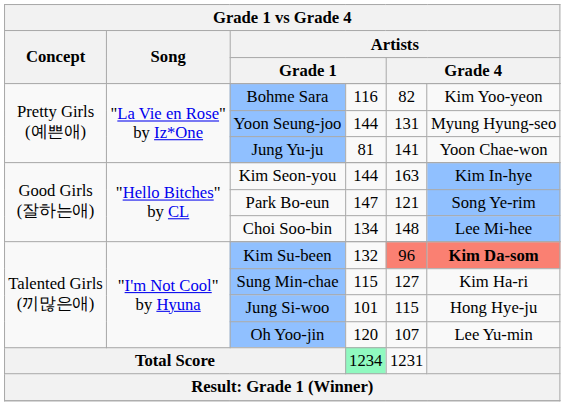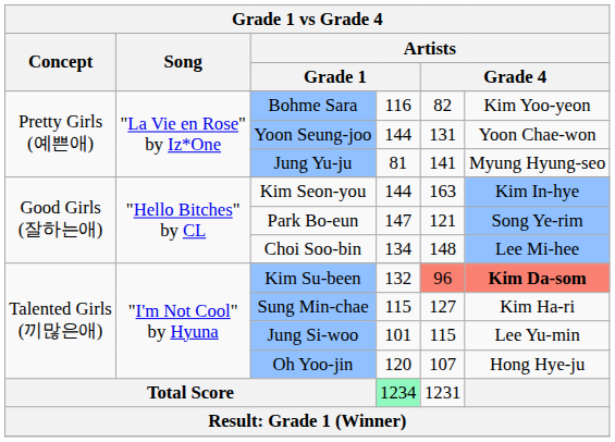 <table class="wikitable" style="text-align: center">
 <tr>
 <th colspan="6">Grade 1 vs Grade 4</th>
 </tr>
 <tr>
 <th rowspan="2">Concept</th>
 <th rowspan="2">Song</th>
 <th colspan="4">Artists</th>
 </tr>
 <tr>
 <th colspan="2">Grade 1</th>
 <th colspan="2">Grade 4</th>
 </tr>
 <tr>
 <td rowspan="4">Pretty Girls<br>(예쁜애)</td>
 <td rowspan="4">"<a href='#'>La Vie en Rose</a>"<br>by <a href='#'>Iz*One</a></td>
 </tr>
 <tr>
 <td style="background:#90C0FF">Bohme Sara</td>
 <td>116</td>
 <td>82</td>
 <td>Kim Yoo-yeon</td>
 </tr>
 <tr>
 <td style="background:#90C0FF">Yoon Seung-joo</td>
 <td>144</td>
 <td>131</td>
-<td>Myung Hyung-seo</td>
+<td>Yoon Chae-won</td>
 </tr>
 <tr>
 <td style="background:#90C0FF">Jung Yu-ju</td>
 <td>81</td>
 <td>141</td>
-<td>Yoon Chae-won</td>
+<td>Myung Hyung-seo</td>
 </tr>
 <tr>
 <td rowspan="4">Good Girls<br>(잘하는애)</td>
 <td rowspan="4">"<a href='#'>Hello Bitches</a>"<br>by <a href='#'>CL</a></td>
 </tr>
 <tr>
 <td>Kim Seon-you</td>
 <td>144</td>
 <td>163</td>
 <td style="background:#90C0FF">Kim In-hye</td>
 </tr>
 <tr>
 <td>Park Bo-eun</td>
 <td>147</td>
 <td>121</td>
 <td style="background:#90C0FF">Song Ye-rim</td>
 </tr>
 <tr>
 <td>Choi Soo-bin</td>
 <td>134</td>
 <td>148</td>
 <td style="background:#90C0FF">Lee Mi-hee</td>
 </tr>
 <tr>
 <td rowspan="5">Talented Girls<br>(끼많은애)</td>
 <td rowspan="5">"<a href='#'>I'm Not Cool</a>"<br>by <a href='#'>Hyuna</a></td>
 </tr>
 <tr>
 <td style="background:#90C0FF">Kim Su-been</td>
 <td>132</td>
 <td style="background:salmon">96</td>
 <td style="background:salmon"><strong>Kim Da-som</strong></td>
 </tr>
 <tr>
 <td style="background:#90C0FF">Sung Min-chae</td>
 <td>115</td>
 <td>127</td>
 <td>Kim Ha-ri</td>
 </tr>
 <tr>
 <td style="background:#90C0FF">Jung Si-woo</td>
 <td>101</td>
 <td>115</td>
-<td>Hong Hye-ju</td>
+<td>Lee Yu-min</td>
 </tr>
 <tr>
 <td style="background:#90C0FF">Oh Yoo-jin</td>
 <td>120</td>
 <td>107</td>
-<td>Lee Yu-min</td>
+<td>Hong Hye-ju</td>
 </tr>
 <tr>
 <th colspan="3">Total Score</th>
 <td style="background:#90F9C0">1234</td>
 <td>1231</td>
 <th colspan="2"></th>
 </tr>
 <tr>
 <th colspan="6">Result: Grade 1 (Winner)</th>
 </tr>
 <tr>
 </tr>
 </table>
